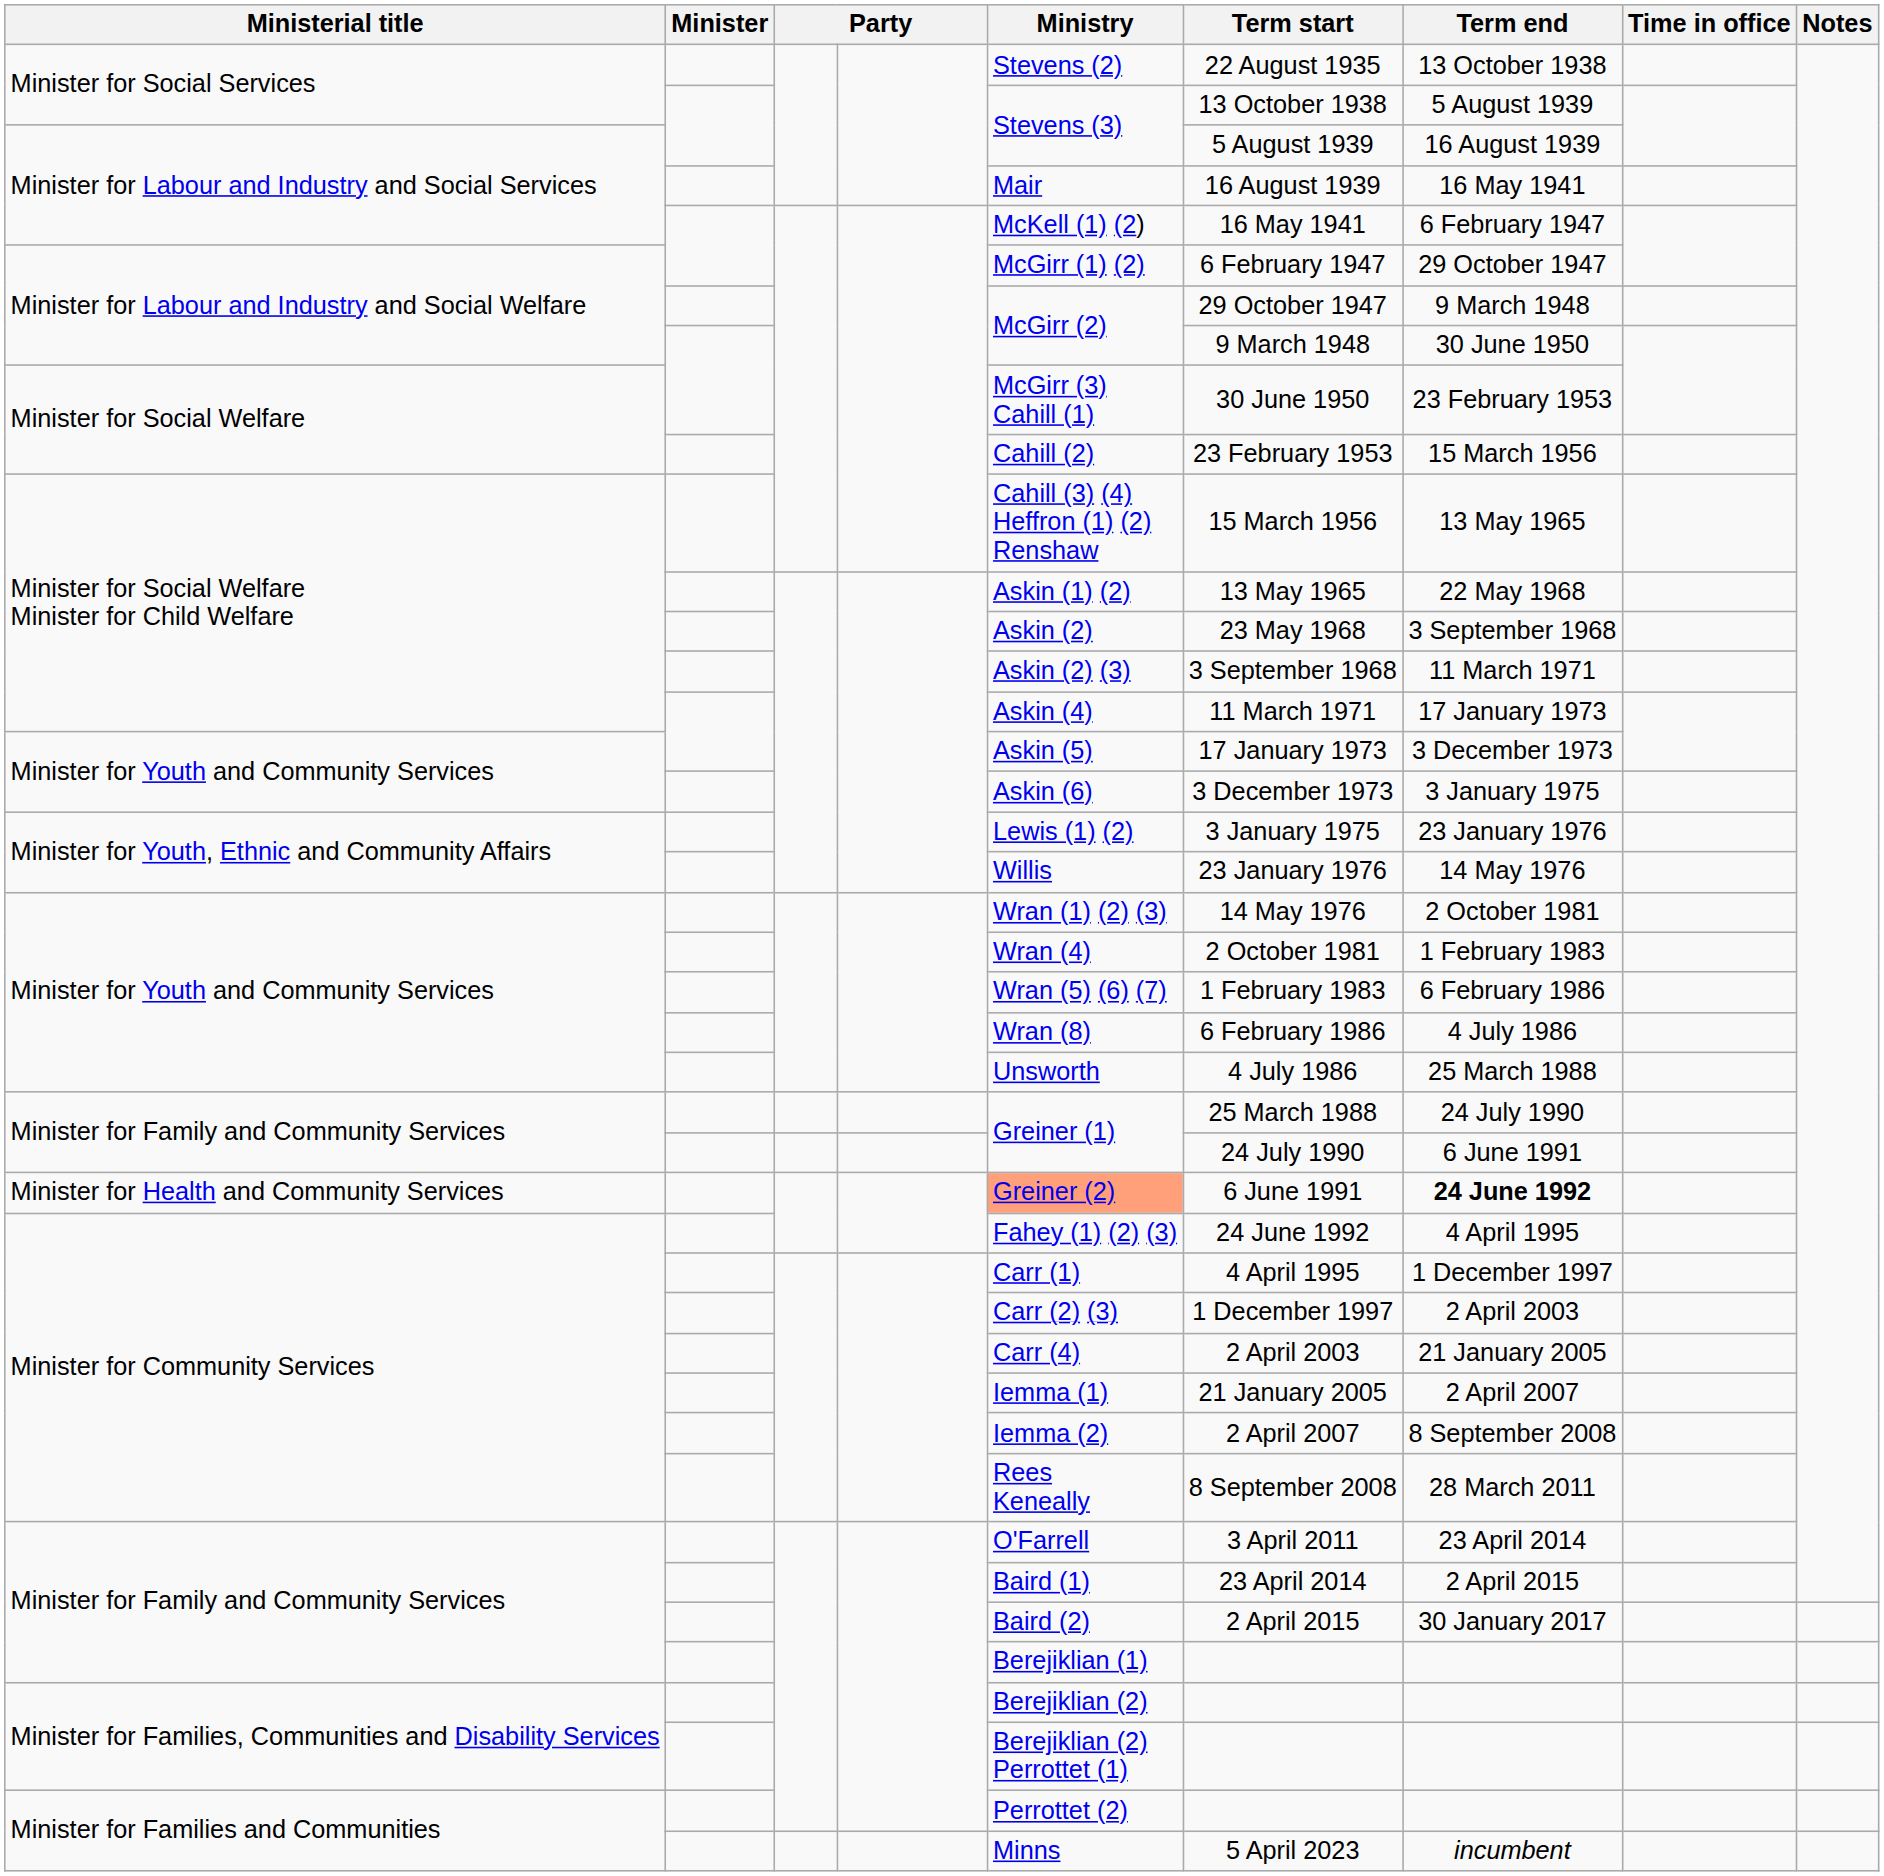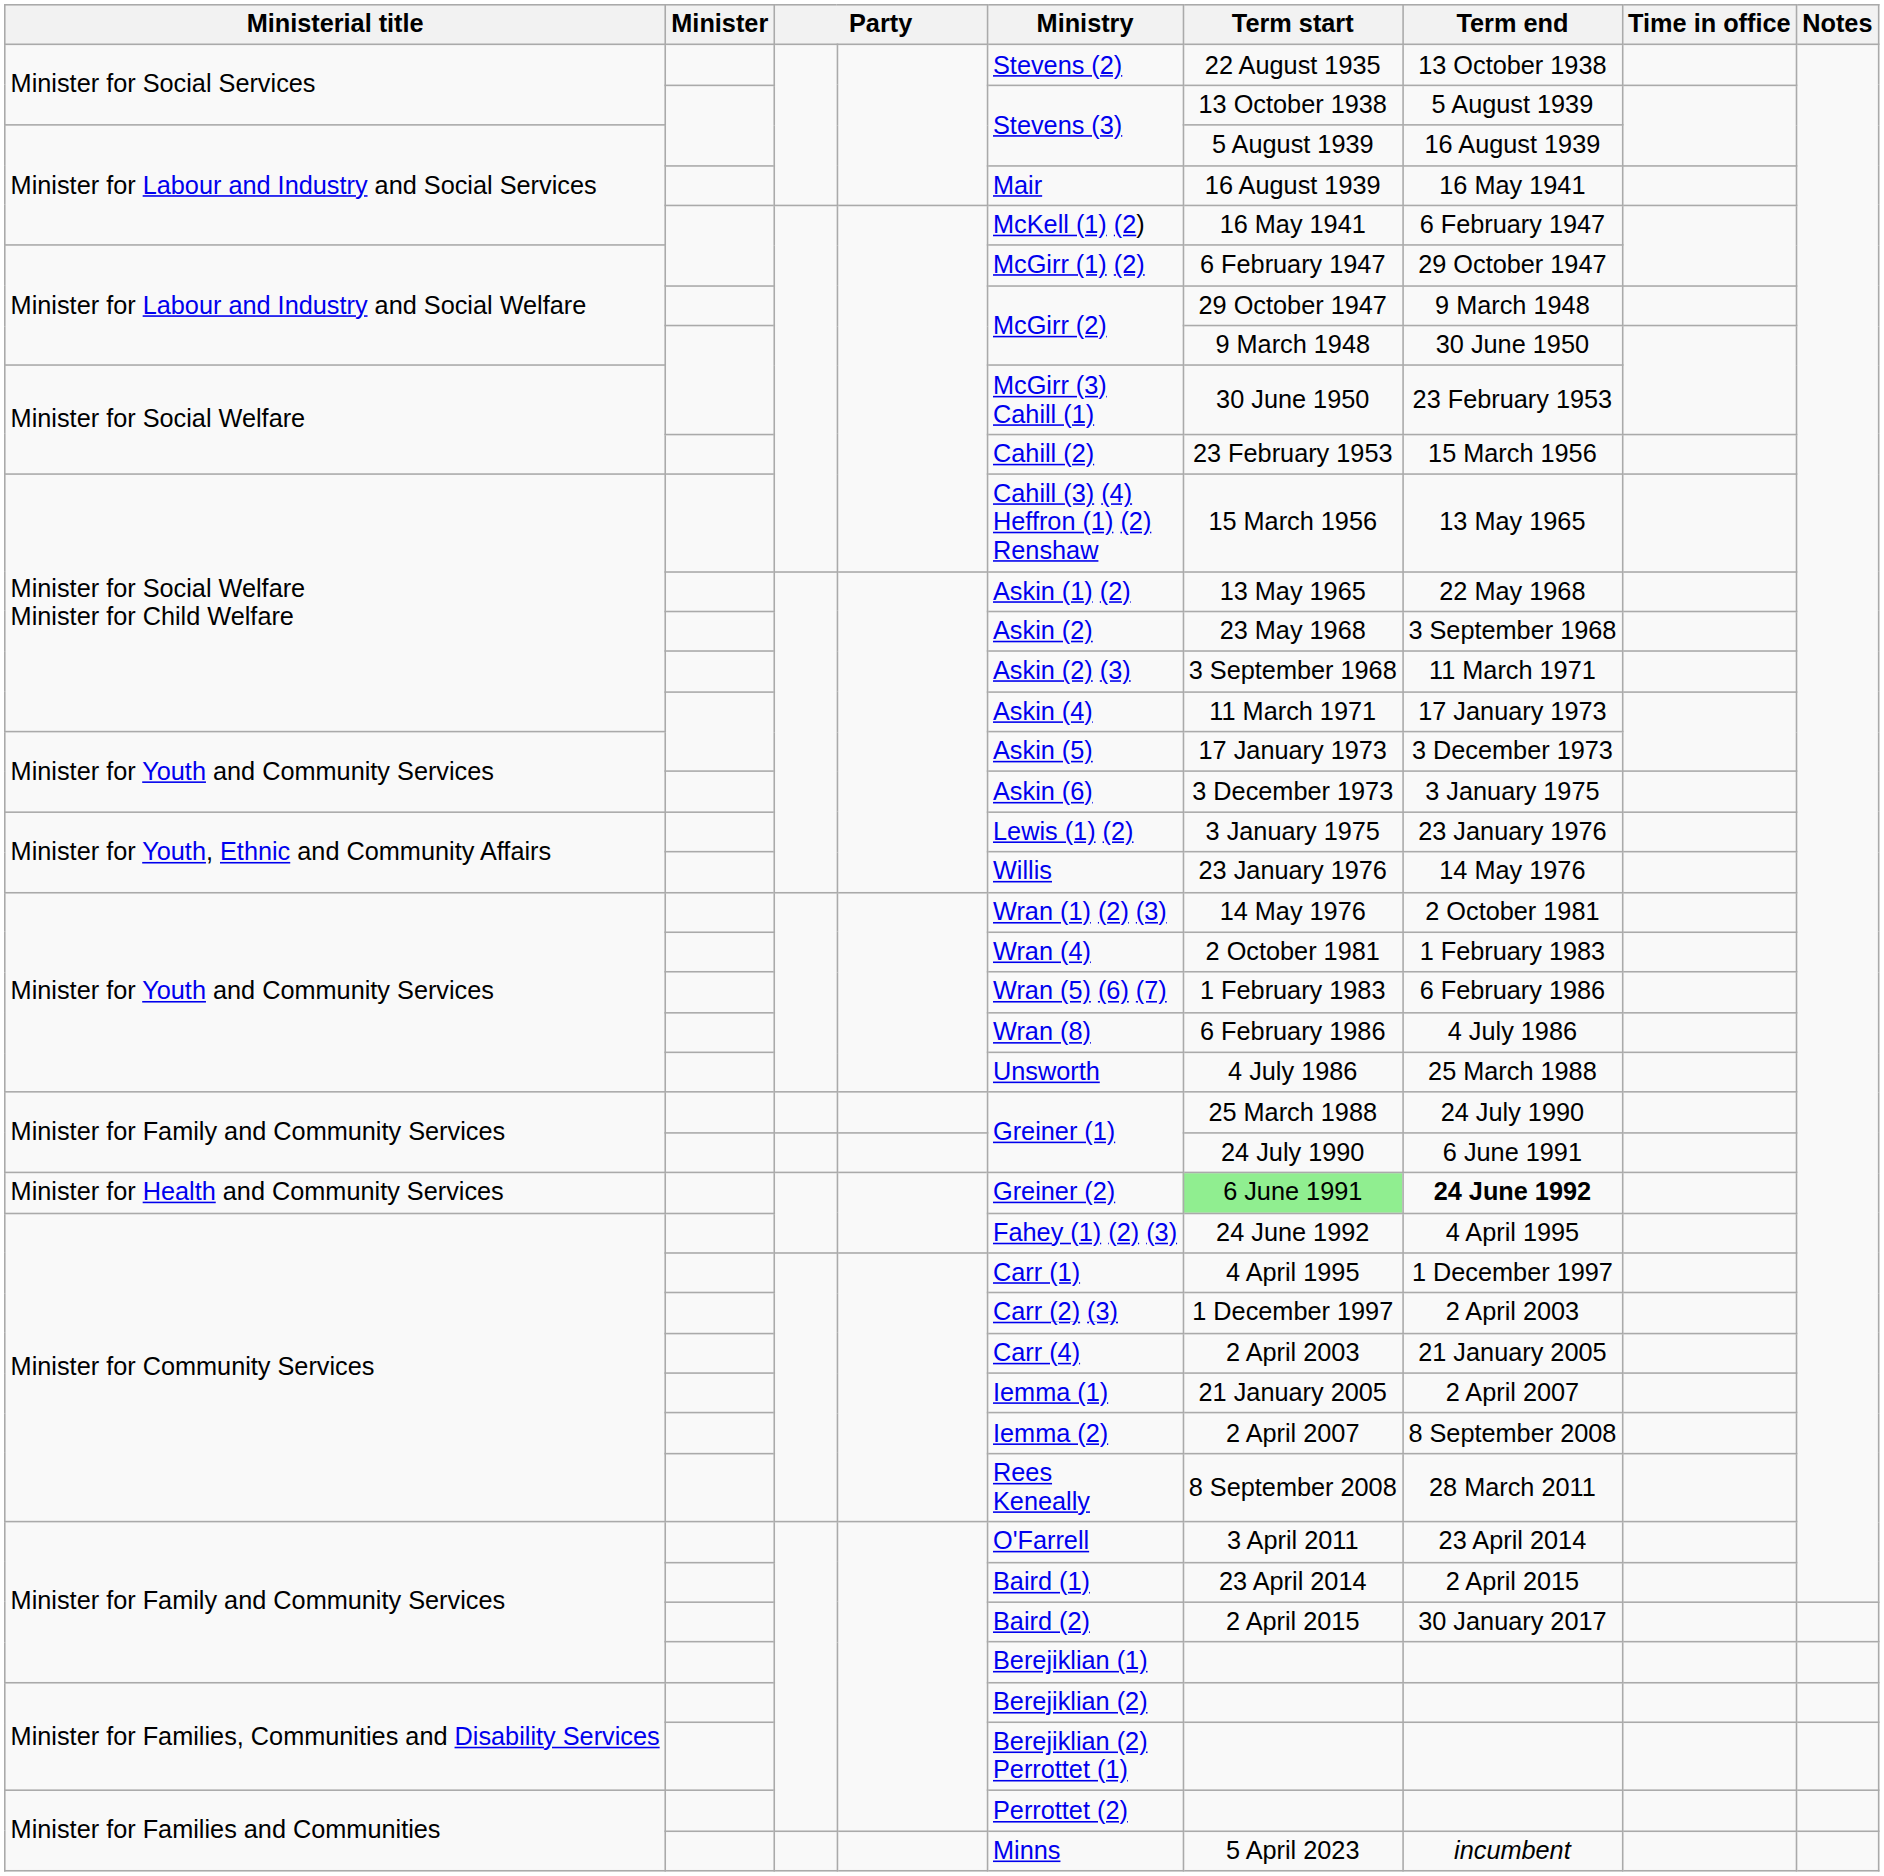 <table class="wikitable sortable">
 <tr>
 <th>Ministerial title</th>
 <th>Minister</th>
 <th colspan=2>Party</th>
 <th>Ministry</th>
 <th>Term start</th>
 <th>Term end</th>
 <th>Time in office</th>
 <th class="unsortable">Notes</th>
 </tr>
 <tr>
 <td rowspan=2>Minister for Social Services</td>
 <td></td>
 <td rowspan=4 > </td>
 <td rowspan=4 width=8%></td>
 <td><a href='#'>Stevens (2)</a></td>
 <td align=center>22 August 1935</td>
 <td align=center>13 October 1938</td>
 <td align=right></td>
 </tr>
 <tr>
 <td rowspan=2></td>
 <td rowspan=2><a href='#'>Stevens (3)</a></td>
 <td align=center>13 October 1938</td>
 <td align=center>5 August 1939</td>
 <td rowspan=2 align=right></td>
 </tr>
 <tr>
 <td rowspan=3>Minister for <a href='#'>Labour and Industry</a> and Social Services</td>
 <td align=center>5 August 1939</td>
 <td align=center>16 August 1939</td>
 </tr>
 <tr>
 <td></td>
 <td><a href='#'>Mair</a></td>
 <td align=center>16 August 1939</td>
 <td align=center>16 May 1941</td>
 <td align=right></td>
 </tr>
 <tr>
 <td rowspan=2></td>
 <td rowspan=7 > </td>
 <td rowspan=7></td>
 <td><a href='#'>McKell (1)</a> <a href='#'>(2</a>)</td>
 <td align=center>16 May 1941</td>
 <td align=center>6 February 1947</td>
 <td rowspan=2 align=right></td>
 </tr>
 <tr>
 <td rowspan=3>Minister for <a href='#'>Labour and Industry</a> and Social Welfare</td>
 <td><a href='#'>McGirr (1)</a> <a href='#'>(2)</a></td>
 <td align=center>6 February 1947</td>
 <td align=center>29 October 1947</td>
 </tr>
 <tr>
 <td></td>
 <td rowspan=2><a href='#'>McGirr (2)</a></td>
 <td align=center>29 October 1947</td>
 <td align=center>9 March 1948</td>
 <td align=right></td>
 </tr>
 <tr>
 <td rowspan=2></td>
 <td align=center>9 March 1948</td>
 <td align=center>30 June 1950</td>
 <td rowspan=2 align=right></td>
 </tr>
 <tr>
 <td rowspan=2 >Minister for Social Welfare</td>
 <td><a href='#'>McGirr (3)</a><br><a href='#'>Cahill (1)</a></td>
 <td align=center>30 June 1950</td>
 <td align=center>23 February 1953</td>
 </tr>
 <tr>
 <td></td>
 <td><a href='#'>Cahill (2)</a></td>
 <td align=center>23 February 1953</td>
 <td align=center>15 March 1956</td>
 <td align=right></td>
 </tr>
 <tr>
 <td rowspan=5>Minister for Social Welfare<br>Minister for Child Welfare</td>
 <td></td>
 <td><a href='#'>Cahill (3)</a> <a href='#'>(4)</a><br><a href='#'>Heffron (1)</a> <a href='#'>(2)</a><br><a href='#'>Renshaw</a></td>
 <td align=center>15 March 1956</td>
 <td align=center>13 May 1965</td>
 <td align=right><strong></strong></td>
 </tr>
 <tr>
 <td></td>
 <td rowspan = 8 > </td>
 <td rowspan=8></td>
 <td><a href='#'>Askin (1)</a> <a href='#'>(2)</a></td>
 <td align=center>13 May 1965</td>
 <td align=center>22 May 1968</td>
 <td align=right></td>
 </tr>
 <tr>
 <td></td>
 <td><a href='#'>Askin (2)</a></td>
 <td align=center>23 May 1968</td>
 <td align=center>3 September 1968</td>
 <td align=right></td>
 </tr>
 <tr>
 <td></td>
 <td><a href='#'>Askin (2)</a> <a href='#'>(3)</a></td>
 <td align=center>3 September 1968</td>
 <td align=center>11 March 1971</td>
 <td align=right></td>
 </tr>
 <tr>
 <td rowspan=2></td>
 <td><a href='#'>Askin (4)</a></td>
 <td align=center>11 March 1971</td>
 <td align=center>17 January 1973</td>
 <td rowspan=2 align=right></td>
 </tr>
 <tr>
 <td rowspan=2>Minister for <a href='#'>Youth</a> and Community Services</td>
 <td><a href='#'>Askin (5)</a></td>
 <td align=center>17 January 1973</td>
 <td align=center>3 December 1973</td>
 </tr>
 <tr>
 <td></td>
 <td><a href='#'>Askin (6)</a></td>
 <td align=center>3 December 1973</td>
 <td align=center>3 January 1975</td>
 <td align=right></td>
 </tr>
 <tr>
 <td rowspan=2>Minister for <a href='#'>Youth</a>, <a href='#'>Ethnic</a> and Community Affairs</td>
 <td></td>
 <td><a href='#'>Lewis (1)</a> <a href='#'>(2)</a></td>
 <td align=center>3 January 1975</td>
 <td align=center>23 January 1976</td>
 <td align=right></td>
 </tr>
 <tr>
 <td></td>
 <td><a href='#'>Willis</a></td>
 <td align=center>23 January 1976</td>
 <td align=center>14 May 1976</td>
 <td align=right></td>
 </tr>
 <tr>
 <td rowspan=5>Minister for <a href='#'>Youth</a> and Community Services</td>
 <td> </td>
 <td rowspan = 5 > </td>
 <td rowspan=5></td>
 <td><a href='#'>Wran (1)</a> <a href='#'>(2)</a> <a href='#'>(3)</a></td>
 <td align=center>14 May 1976</td>
 <td align=center>2 October 1981</td>
 <td align=right></td>
 </tr>
 <tr>
 <td></td>
 <td><a href='#'>Wran (4)</a></td>
 <td align=center>2 October 1981</td>
 <td align=center>1 February 1983</td>
 <td align=right></td>
 </tr>
 <tr>
 <td></td>
 <td><a href='#'>Wran (5)</a> <a href='#'>(6)</a> <a href='#'>(7)</a></td>
 <td align=center>1 February 1983</td>
 <td align=center>6 February 1986</td>
 <td align=right></td>
 </tr>
 <tr>
 <td></td>
 <td><a href='#'>Wran (8)</a></td>
 <td align=center>6 February 1986</td>
 <td align=center>4 July 1986</td>
 <td align=right></td>
 </tr>
 <tr>
 <td></td>
 <td><a href='#'>Unsworth</a></td>
 <td align=center>4 July 1986</td>
 <td align=center>25 March 1988</td>
 <td align=right></td>
 </tr>
 <tr>
 <td rowspan=2>Minister for Family and Community Services</td>
 <td></td>
 <td> </td>
 <td></td>
 <td rowspan=2><a href='#'>Greiner (1)</a></td>
 <td align=center>25 March 1988</td>
 <td align=center>24 July 1990</td>
 <td align=right></td>
 </tr>
 <tr>
 <td></td>
 <td> </td>
 <td></td>
 <td align=center>24 July 1990</td>
 <td align=center>6 June 1991</td>
 <td align=right></td>
 </tr>
 <tr>
 <td>Minister for <a href='#'>Health</a> and Community Services</td>
 <td></td>
 <td rowspan=2 > </td>
 <td rowspan=2></td>
-<td style="background: lightsalmon;"><a href='#'>Greiner (2)</a></td>
-<td align=center>6 June 1991</td>
+<td><a href='#'>Greiner (2)</a></td>
+<td align=center style="background: lightgreen;">6 June 1991</td>
 <td align=center><strong>24 June 1992</strong></td>
 <td align=right></td>
 </tr>
 <tr>
 <td rowspan=7>Minister for Community Services</td>
 <td></td>
 <td><a href='#'>Fahey (1)</a> <a href='#'>(2)</a> <a href='#'>(3)</a></td>
 <td align=center>24 June 1992</td>
 <td align=center>4 April 1995</td>
 <td align=right></td>
 </tr>
 <tr>
 <td></td>
 <td rowspan = 6 > </td>
 <td rowspan=6></td>
 <td><a href='#'>Carr (1)</a></td>
 <td align=center>4 April 1995</td>
 <td align=center>1 December 1997</td>
 <td align=right></td>
 </tr>
 <tr>
 <td></td>
 <td><a href='#'>Carr (2)</a> <a href='#'>(3)</a></td>
 <td align=center>1 December 1997</td>
 <td align=center>2 April 2003</td>
 <td align=right></td>
 </tr>
 <tr>
 <td></td>
 <td><a href='#'>Carr (4)</a></td>
 <td align=center>2 April 2003</td>
 <td align=center>21 January 2005</td>
 <td align=right></td>
 </tr>
 <tr>
 <td></td>
 <td><a href='#'>Iemma (1)</a></td>
 <td align=center>21 January 2005</td>
 <td align=center>2 April 2007</td>
 <td align=right></td>
 </tr>
 <tr>
 <td></td>
 <td><a href='#'>Iemma (2)</a></td>
 <td align=center>2 April 2007</td>
 <td align=center>8 September 2008</td>
 <td align=right></td>
 </tr>
 <tr>
 <td></td>
 <td><a href='#'>Rees</a><br><a href='#'>Keneally</a></td>
 <td align=center>8 September 2008</td>
 <td align=center>28 March 2011</td>
 <td align=right></td>
 </tr>
 <tr>
 <td rowspan=4>Minister for Family and Community Services</td>
 <td></td>
 <td rowspan=7 > </td>
 <td rowspan=7></td>
 <td><a href='#'>O'Farrell</a></td>
 <td align=center>3 April 2011</td>
 <td align=center>23 April 2014</td>
 <td align=right></td>
 </tr>
 <tr>
 <td></td>
 <td><a href='#'>Baird (1)</a></td>
 <td align=center>23 April 2014</td>
 <td align=center>2 April 2015</td>
 <td align=right></td>
 </tr>
 <tr>
 <td></td>
 <td><a href='#'>Baird (2)</a></td>
 <td align=center>2 April 2015</td>
 <td align=center>30 January 2017</td>
 <td align=right></td>
 <td></td>
 </tr>
 <tr>
 <td></td>
 <td><a href='#'>Berejiklian (1)</a></td>
 <td align=center></td>
 <td align=center></td>
 <td align=right></td>
 <td></td>
 </tr>
 <tr>
 <td rowspan=2>Minister for Families, Communities and <a href='#'>Disability Services</a></td>
 <td></td>
 <td><a href='#'>Berejiklian (2)</a></td>
 <td align=center></td>
 <td align=center></td>
 <td align=right></td>
 <td></td>
 </tr>
 <tr>
 <td></td>
 <td><a href='#'>Berejiklian (2)</a><br><a href='#'>Perrottet (1)</a></td>
 <td align=center></td>
 <td align=center></td>
 <td align=right></td>
 <td></td>
 </tr>
 <tr>
 <td rowspan=2>Minister for Families and Communities</td>
 <td></td>
 <td><a href='#'>Perrottet (2)</a></td>
 <td align=center></td>
 <td align=center></td>
 <td align=right></td>
 <td></td>
 </tr>
 <tr>
 <td></td>
 <td> </td>
 <td></td>
 <td><a href='#'>Minns</a></td>
 <td align=center>5 April 2023</td>
 <td align=center><em>incumbent</em></td>
 <td align=right></td>
 </tr>
 </table>
